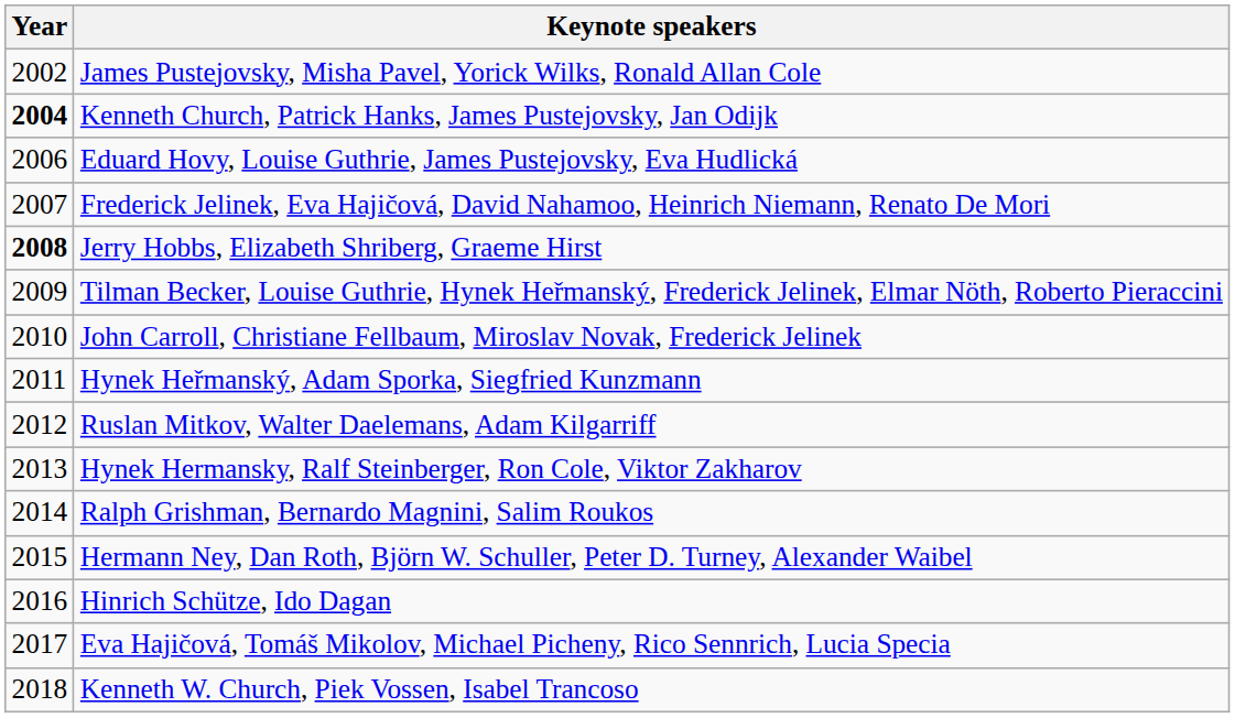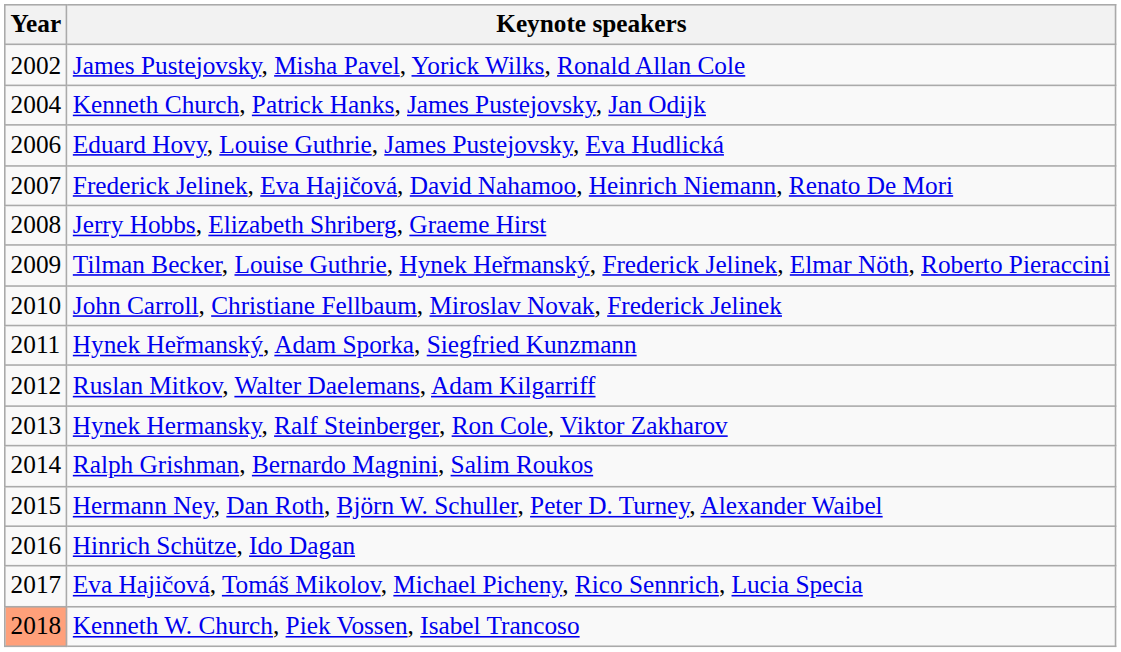 <table class="wikitable">
 <tr>
 <th>Year</th>
 <th>Keynote speakers</th>
 </tr>
 <tr>
 <td>2002</td>
 <td><a href='#'>James Pustejovsky</a>, <a href='#'>Misha Pavel</a>, <a href='#'>Yorick Wilks</a>, <a href='#'>Ronald Allan Cole</a></td>
 </tr>
 <tr>
-<td><strong>2004</strong></td>
+<td>2004</td>
 <td><a href='#'>Kenneth Church</a>, <a href='#'>Patrick Hanks</a>, <a href='#'>James Pustejovsky</a>, <a href='#'>Jan Odijk</a></td>
 </tr>
 <tr>
 <td>2006</td>
 <td><a href='#'>Eduard Hovy</a>, <a href='#'>Louise Guthrie</a>, <a href='#'>James Pustejovsky</a>, <a href='#'>Eva Hudlická</a></td>
 </tr>
 <tr>
 <td>2007</td>
 <td><a href='#'>Frederick Jelinek</a>, <a href='#'>Eva Hajičová</a>, <a href='#'>David Nahamoo</a>, <a href='#'>Heinrich Niemann</a>, <a href='#'>Renato De Mori</a></td>
 </tr>
 <tr>
-<td><strong>2008</strong></td>
+<td>2008</td>
 <td><a href='#'>Jerry Hobbs</a>, <a href='#'>Elizabeth Shriberg</a>, <a href='#'>Graeme Hirst</a></td>
 </tr>
 <tr>
 <td>2009</td>
 <td><a href='#'>Tilman Becker</a>, <a href='#'>Louise Guthrie</a>, <a href='#'>Hynek Heřmanský</a>, <a href='#'>Frederick Jelinek</a>, <a href='#'>Elmar Nöth</a>, <a href='#'>Roberto Pieraccini</a></td>
 </tr>
 <tr>
 <td>2010</td>
 <td><a href='#'>John Carroll</a>, <a href='#'>Christiane Fellbaum</a>, <a href='#'>Miroslav Novak</a>, <a href='#'>Frederick Jelinek</a></td>
 </tr>
 <tr>
 <td>2011</td>
 <td><a href='#'>Hynek Heřmanský</a>, <a href='#'>Adam Sporka</a>, <a href='#'>Siegfried Kunzmann</a></td>
 </tr>
 <tr>
 <td>2012</td>
 <td><a href='#'>Ruslan Mitkov</a>, <a href='#'>Walter Daelemans</a>, <a href='#'>Adam Kilgarriff</a></td>
 </tr>
 <tr>
 <td>2013</td>
 <td><a href='#'>Hynek Hermansky</a>, <a href='#'>Ralf Steinberger</a>, <a href='#'>Ron Cole</a>, <a href='#'>Viktor Zakharov</a></td>
 </tr>
 <tr>
 <td>2014</td>
 <td><a href='#'>Ralph Grishman</a>, <a href='#'>Bernardo Magnini</a>, <a href='#'>Salim Roukos</a></td>
 </tr>
 <tr>
 <td>2015</td>
 <td><a href='#'>Hermann Ney</a>, <a href='#'>Dan Roth</a>, <a href='#'>Björn W. Schuller</a>, <a href='#'>Peter D. Turney</a>, <a href='#'>Alexander Waibel</a></td>
 </tr>
 <tr>
 <td>2016</td>
 <td><a href='#'>Hinrich Schütze</a>, <a href='#'>Ido Dagan</a></td>
 </tr>
 <tr>
 <td>2017</td>
 <td><a href='#'>Eva Hajičová</a>, <a href='#'>Tomáš Mikolov</a>, <a href='#'>Michael Picheny</a>, <a href='#'>Rico Sennrich</a>, <a href='#'>Lucia Specia</a></td>
 </tr>
 <tr>
-<td>2018</td>
+<td style="background: lightsalmon;">2018</td>
 <td><a href='#'>Kenneth W. Church</a>, <a href='#'>Piek Vossen</a>, <a href='#'>Isabel Trancoso</a></td>
 </tr>
 </table>
